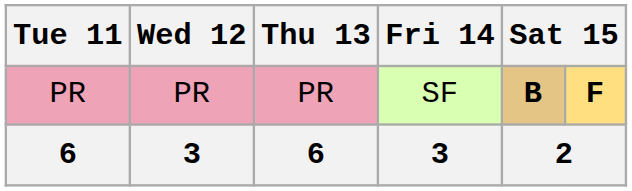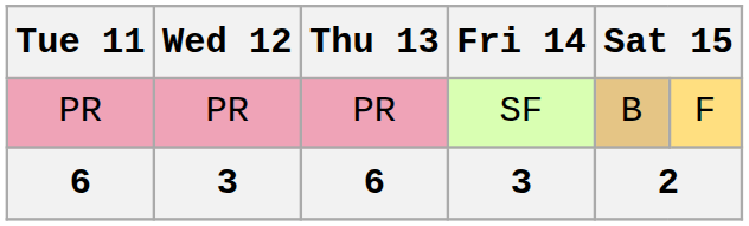 <table class="wikitable" style="margin:0.5em auto; line-height:1.5em;">
 <tr>
 <th>Tue 11</th>
 <th>Wed 12</th>
 <th>Thu 13</th>
 <th>Fri 14</th>
 <th colspan="2">Sat 15</th>
 </tr>
 <tr align=center>
 <td style="background-color:#EFA3B7;">PR</td>
 <td style="background-color:#EFA3B7;">PR</td>
 <td style="background-color:#EFA3B7;">PR</td>
 <td style="background-color:#D9FFB2;">SF</td>
-<td style="background-color:#E5C585;"><strong>B</strong></td>
-<td style="background-color:#FFDF80;"><strong>F</strong></td>
+<td style="background-color:#E5C585;">B</td>
+<td style="background-color:#FFDF80;">F</td>
 </tr>
 <tr>
 <th>6 </th>
 <th>3 </th>
 <th>6 </th>
 <th>3 </th>
 <th colspan="2">2 </th>
 </tr>
 </table>
